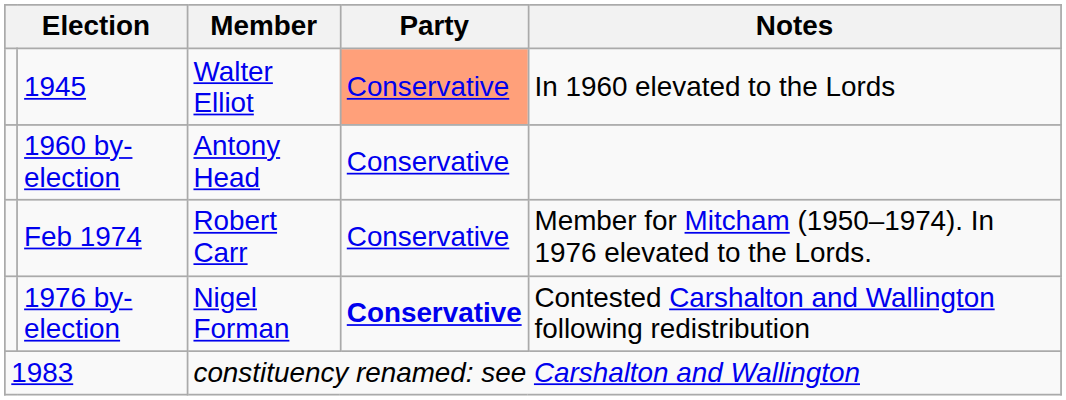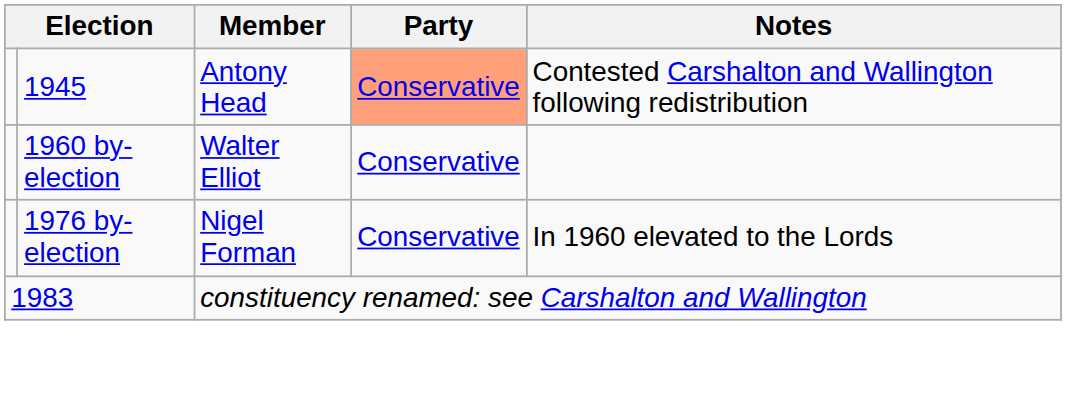 <table class="wikitable">
 <tr>
 <th colspan="2">Election</th>
 <th>Member</th>
 <th>Party</th>
 <th>Notes</th>
 </tr>
 <tr>
 <td style="color:inherit;background-color: "></td>
 <td><a href='#'>1945</a></td>
-<td><a href='#'>Walter Elliot</a></td>
+<td><a href='#'>Antony Head</a></td>
 <td style="background: lightsalmon;"><a href='#'>Conservative</a></td>
-<td>In 1960 elevated to the Lords</td>
+<td>Contested <a href='#'>Carshalton and Wallington</a> following redistribution</td>
 </tr>
 <tr>
 <td style="color:inherit;background-color: "></td>
 <td><a href='#'>1960 by-election</a></td>
-<td><a href='#'>Antony Head</a></td>
+<td><a href='#'>Walter Elliot</a></td>
 <td><a href='#'>Conservative</a></td>
 <td></td>
 </tr>
 <tr>
 <td style="color:inherit;background-color: "></td>
-<td><a href='#'>Feb 1974</a></td>
-<td><a href='#'>Robert Carr</a></td>
-<td><a href='#'>Conservative</a></td>
-<td>Member for <a href='#'>Mitcham</a> (1950–1974). In 1976 elevated to the Lords.</td>
-</tr>
-<tr>
-<td style="color:inherit;background-color: "></td>
 <td><a href='#'>1976 by-election</a></td>
 <td><a href='#'>Nigel Forman</a></td>
-<td><strong><a href='#'>Conservative</a></strong></td>
-<td>Contested <a href='#'>Carshalton and Wallington</a> following redistribution</td>
+<td><a href='#'>Conservative</a></td>
+<td>In 1960 elevated to the Lords</td>
 </tr>
 <tr>
 <td colspan="2"><a href='#'>1983</a></td>
 <td colspan="3"><em>constituency renamed: see <a href='#'>Carshalton and Wallington</a></em></td>
 </tr>
 </table>
